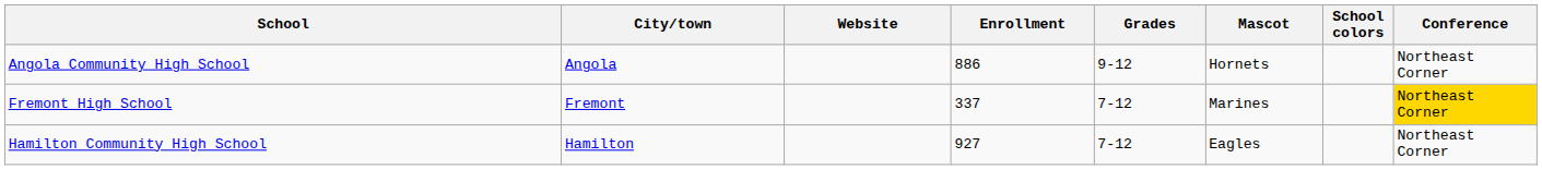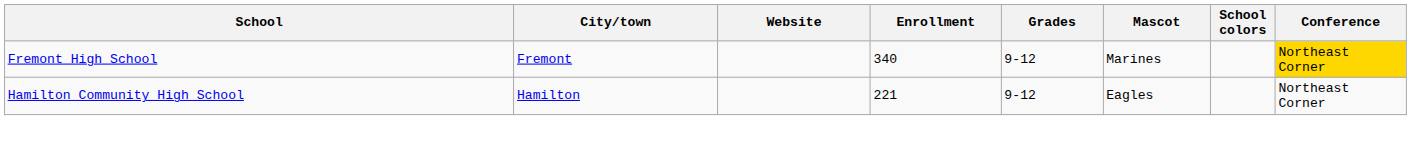 <table class="wikitable sortable" width="70%">
 <tr>
 <th width="20%">School</th>
 <th width="08%">City/town</th>
 <th width="06%">Website</th>
 <th width="04%">Enrollment</th>
 <th width="04%">Grades</th>
 <th width="04%">Mascot</th>
 <th width=01%>School colors</th>
 <th width="04%">Conference</th>
 </tr>
 <tr>
-<td><a href='#'>Angola Community High School</a></td>
-<td><a href='#'>Angola</a></td>
-<td></td>
-<td>886</td>
-<td>9-12</td>
-<td>Hornets</td>
-<td> </td>
-<td>Northeast Corner</td>
-</tr>
-<tr>
 <td><a href='#'>Fremont High School</a></td>
 <td><a href='#'>Fremont</a></td>
 <td></td>
-<td>337</td>
-<td>7-12</td>
+<td>340</td>
+<td>9-12</td>
 <td>Marines</td>
 <td> </td>
 <td style="background: gold;">Northeast Corner</td>
 </tr>
 <tr>
 <td><a href='#'>Hamilton Community High School</a></td>
 <td><a href='#'>Hamilton</a></td>
 <td></td>
-<td>927</td>
-<td>7-12</td>
+<td>221</td>
+<td>9-12</td>
 <td>Eagles</td>
 <td> </td>
 <td>Northeast Corner</td>
 </tr>
 </table>
